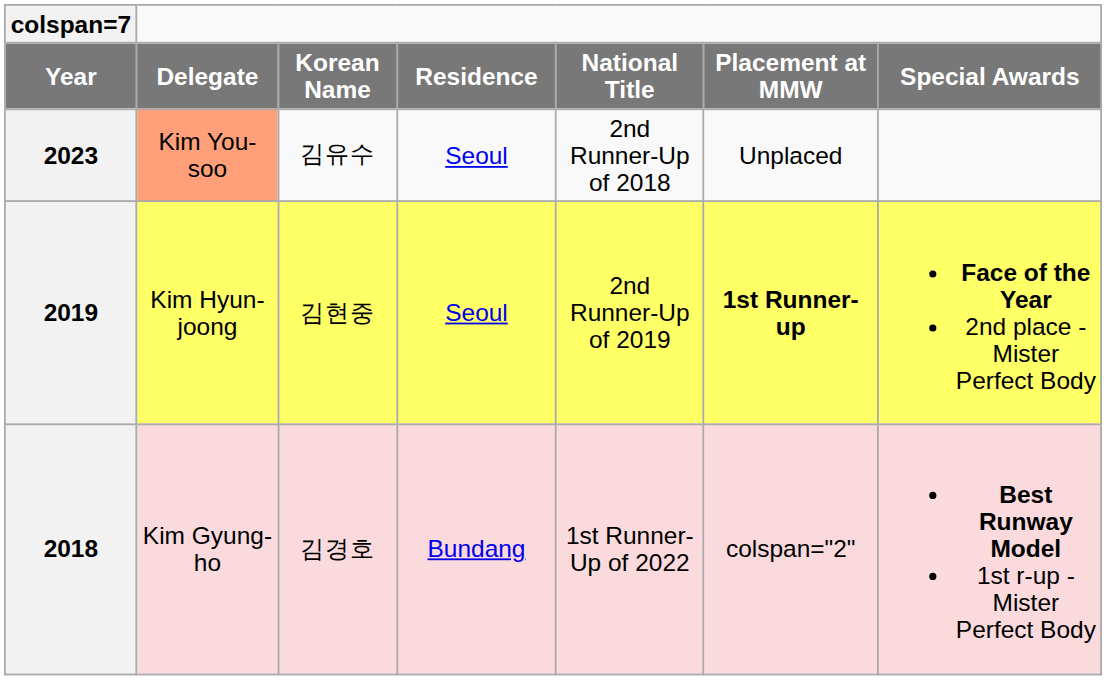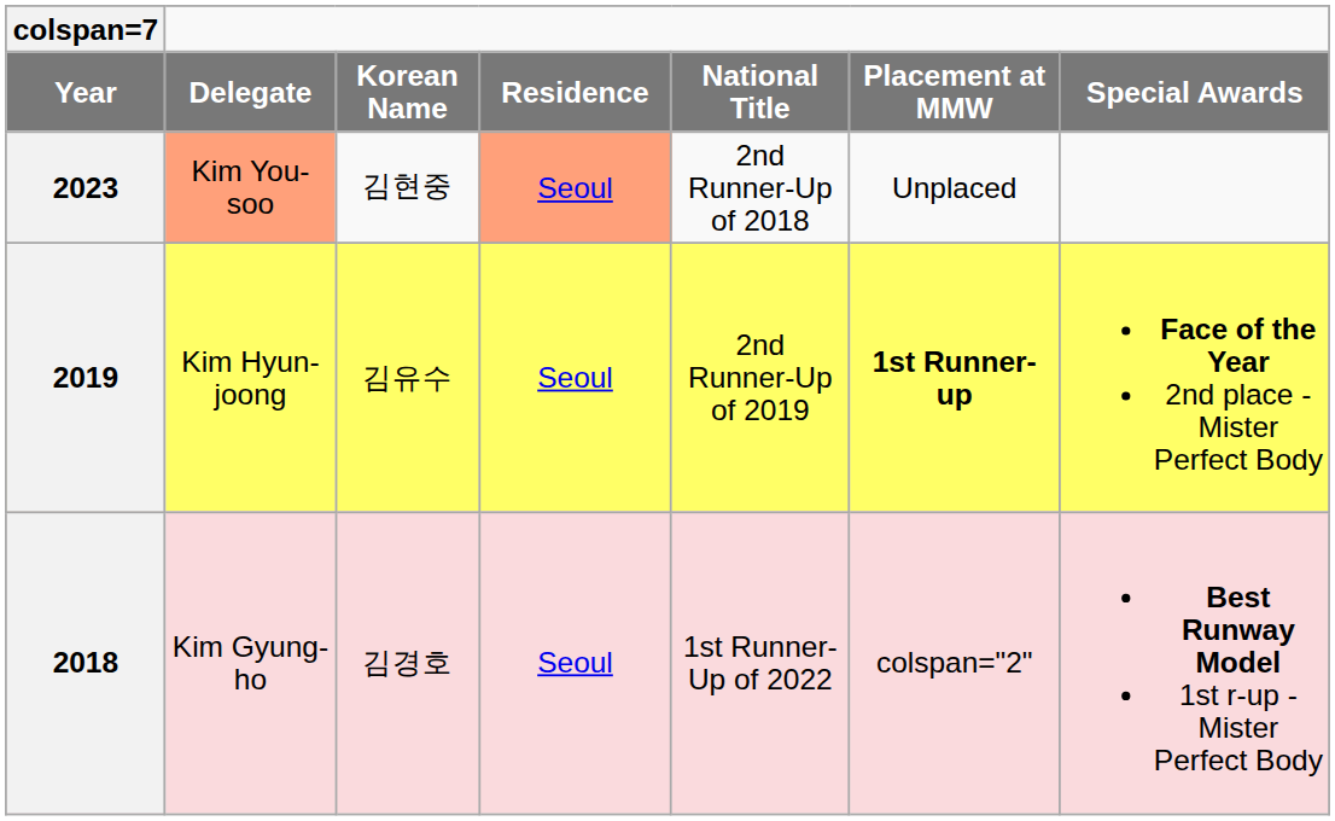 <table class="wikitable sortable" style="font-size: 85%; text-align:center">
 <tr>
 <th>colspan=7 </th>
 </tr>
 <tr>
 <th width="60" style="background-color:#787878;color:#FFFFFF;">Year</th>
 <th width="180" style="background-color:#787878;color:#FFFFFF;">Delegate</th>
 <th width="150" style="background-color:#787878;color:#FFFFFF;">Korean Name</th>
 <th width="180" style="background-color:#787878;color:#FFFFFF;">Residence</th>
 <th width="230" style="background-color:#787878;color:#FFFFFF;">National Title</th>
 <th width="220" style="background-color:#787878;color:#FFFFFF;">Placement at MMW</th>
 <th width="300" style="background-color:#787878;color:#FFFFFF;">Special Awards</th>
 </tr>
 <tr>
 <th>2023</th>
 <td style="background: lightsalmon;">Kim You-soo</td>
-<td>김유수</td>
-<td><a href='#'>Seoul</a></td>
+<td>김현중</td>
+<td style="background: lightsalmon;"><a href='#'>Seoul</a></td>
 <td>2nd Runner-Up of 2018</td>
 <td>Unplaced</td>
 </tr>
 <tr style="background-color:#FFFF66;">
 <th>2019</th>
 <td>Kim Hyun-joong</td>
-<td>김현중</td>
+<td>김유수</td>
 <td><a href='#'>Seoul</a></td>
 <td>2nd Runner-Up of 2019</td>
 <td><strong>1st Runner-up</strong></td>
 <td><br><ul><li><strong>Face of the Year</strong></li><li>2nd place - Mister Perfect Body</li></ul></td>
 </tr>
 <tr style="background-color:#FADADD;: bold">
 <th>2018</th>
 <td>Kim Gyung-ho</td>
 <td>김경호</td>
-<td><a href='#'>Bundang</a></td>
+<td><a href='#'>Seoul</a></td>
 <td>1st Runner-Up of 2022</td>
 <td>colspan="2" </td>
 <td><br><ul><li><strong>Best Runway Model</strong></li><li>1st r-up - Mister Perfect Body</li></ul></td>
 </tr>
 </table>
